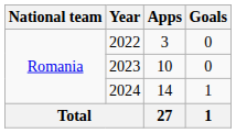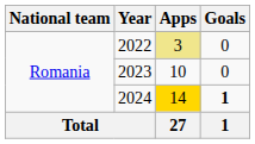 <table class="wikitable" style="text-align: center;">
 <tr>
 <th>National team</th>
 <th>Year</th>
 <th>Apps</th>
 <th>Goals</th>
 </tr>
 <tr>
 <td rowspan="3"><a href='#'>Romania</a></td>
 <td>2022</td>
-<td>3</td>
+<td style="background: khaki;">3</td>
 <td>0</td>
 </tr>
 <tr>
 <td>2023</td>
 <td>10</td>
 <td>0</td>
 </tr>
 <tr>
 <td>2024</td>
-<td>14</td>
-<td>1</td>
+<td style="background: gold;">14</td>
+<td><strong>1</strong></td>
 </tr>
 <tr>
 <th colspan="2">Total</th>
 <th>27</th>
 <th>1</th>
 </tr>
 </table>
